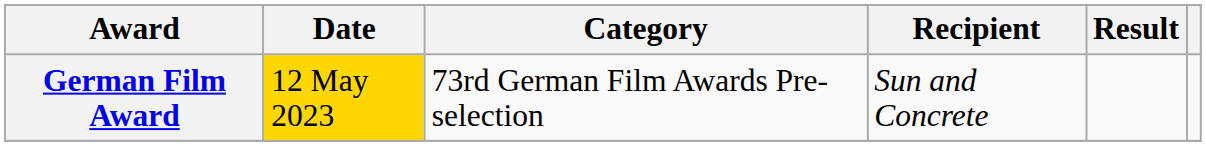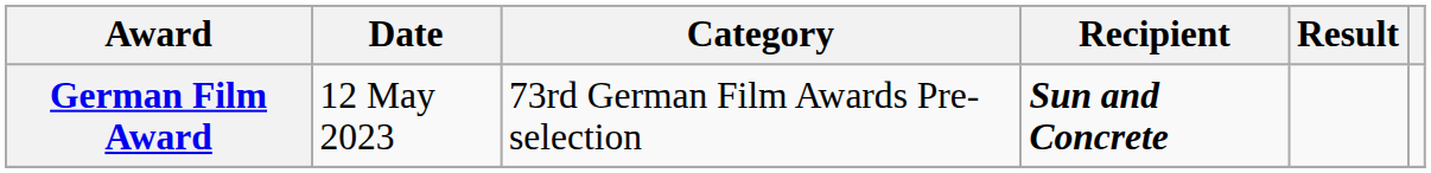 <table class="wikitable sortable plainrowheaders">
 <tr>
 <th>Award</th>
 <th>Date</th>
 <th>Category</th>
 <th>Recipient</th>
 <th>Result</th>
 <th></th>
 </tr>
 <tr>
 <th scope="row"><a href='#'>German Film Award</a></th>
-<td style="background: gold;">12 May 2023</td>
+<td>12 May 2023</td>
 <td>73rd German Film Awards Pre-selection</td>
-<td><em>Sun and Concrete</em></td>
+<td><strong><em>Sun and Concrete</em></strong></td>
 <td></td>
 <td align="center" rowspan="1"></td>
 </tr>
 <tr>
 </tr>
 </table>
